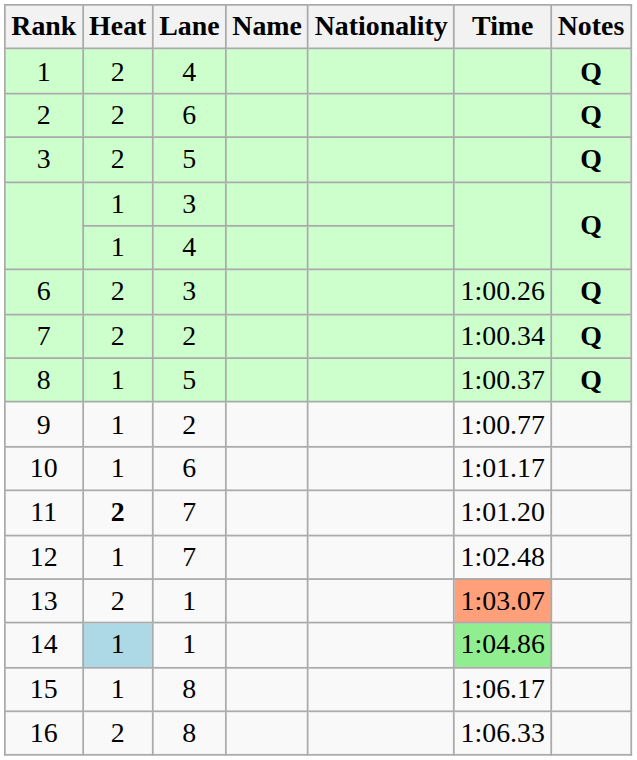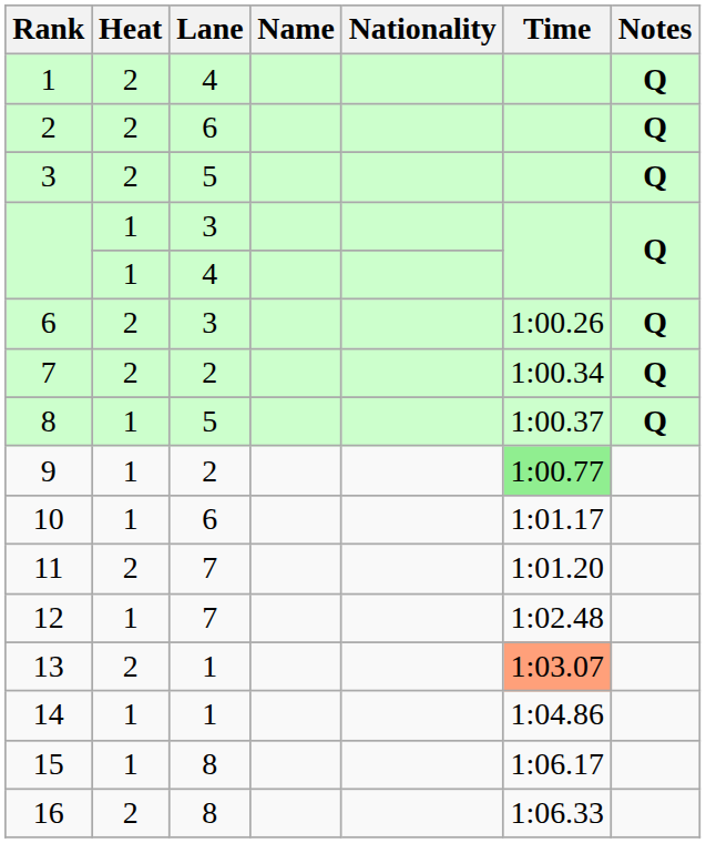 <table class="wikitable sortable" style="text-align:center">
 <tr>
 <th data-sort-type="number">Rank</th>
 <th>Heat</th>
 <th>Lane</th>
 <th>Name</th>
 <th>Nationality</th>
 <th>Time</th>
 <th>Notes</th>
 </tr>
 <tr bgcolor=ccffcc>
 <td>1</td>
 <td>2</td>
 <td>4</td>
 <td align=left></td>
 <td align=left></td>
 <td></td>
 <td><strong>Q</strong></td>
 </tr>
 <tr bgcolor=ccffcc>
 <td>2</td>
 <td>2</td>
 <td>6</td>
 <td align=left></td>
 <td align=left></td>
 <td></td>
 <td><strong>Q</strong></td>
 </tr>
 <tr bgcolor=ccffcc>
 <td>3</td>
 <td>2</td>
 <td>5</td>
 <td align=left></td>
 <td align=left></td>
 <td></td>
 <td><strong>Q</strong></td>
 </tr>
 <tr bgcolor=ccffcc>
 <td rowspan=2></td>
 <td>1</td>
 <td>3</td>
 <td align=left></td>
 <td align=left></td>
 <td rowspan=2></td>
 <td rowspan=2><strong>Q</strong></td>
 </tr>
 <tr bgcolor=ccffcc>
 <td>1</td>
 <td>4</td>
 <td align=left></td>
 <td align=left></td>
 </tr>
 <tr bgcolor=ccffcc>
 <td>6</td>
 <td>2</td>
 <td>3</td>
 <td align=left></td>
 <td align=left></td>
 <td>1:00.26</td>
 <td><strong>Q</strong></td>
 </tr>
 <tr bgcolor=ccffcc>
 <td>7</td>
 <td>2</td>
 <td>2</td>
 <td align=left></td>
 <td align=left></td>
 <td>1:00.34</td>
 <td><strong>Q</strong></td>
 </tr>
 <tr bgcolor=ccffcc>
 <td>8</td>
 <td>1</td>
 <td>5</td>
 <td align=left></td>
 <td align=left></td>
 <td>1:00.37</td>
 <td><strong>Q</strong></td>
 </tr>
 <tr>
 <td>9</td>
 <td>1</td>
 <td>2</td>
 <td align=left></td>
 <td align=left></td>
-<td>1:00.77</td>
+<td style="background: lightgreen;">1:00.77</td>
 <td></td>
 </tr>
 <tr>
 <td>10</td>
 <td>1</td>
 <td>6</td>
 <td align=left></td>
 <td align=left></td>
 <td>1:01.17</td>
 <td></td>
 </tr>
 <tr>
 <td>11</td>
-<td><strong>2</strong></td>
+<td>2</td>
 <td>7</td>
 <td align=left></td>
 <td align=left></td>
 <td>1:01.20</td>
 <td></td>
 </tr>
 <tr>
 <td>12</td>
 <td>1</td>
 <td>7</td>
 <td align=left></td>
 <td align=left></td>
 <td>1:02.48</td>
 <td></td>
 </tr>
 <tr>
 <td>13</td>
 <td>2</td>
 <td>1</td>
 <td align=left></td>
 <td align=left></td>
 <td style="background: lightsalmon;">1:03.07</td>
 <td></td>
 </tr>
 <tr>
 <td>14</td>
-<td style="background: lightblue;">1</td>
+<td>1</td>
 <td>1</td>
 <td align=left></td>
 <td align=left></td>
-<td style="background: lightgreen;">1:04.86</td>
+<td>1:04.86</td>
 <td></td>
 </tr>
 <tr>
 <td>15</td>
 <td>1</td>
 <td>8</td>
 <td align=left></td>
 <td align=left></td>
 <td>1:06.17</td>
 <td></td>
 </tr>
 <tr>
 <td>16</td>
 <td>2</td>
 <td>8</td>
 <td align=left></td>
 <td align=left></td>
 <td>1:06.33</td>
 <td></td>
 </tr>
 </table>
